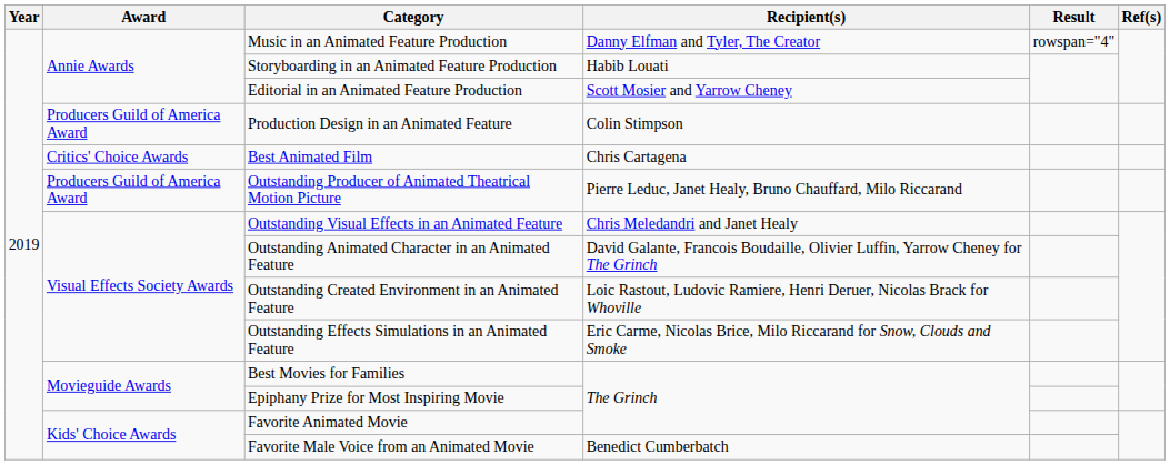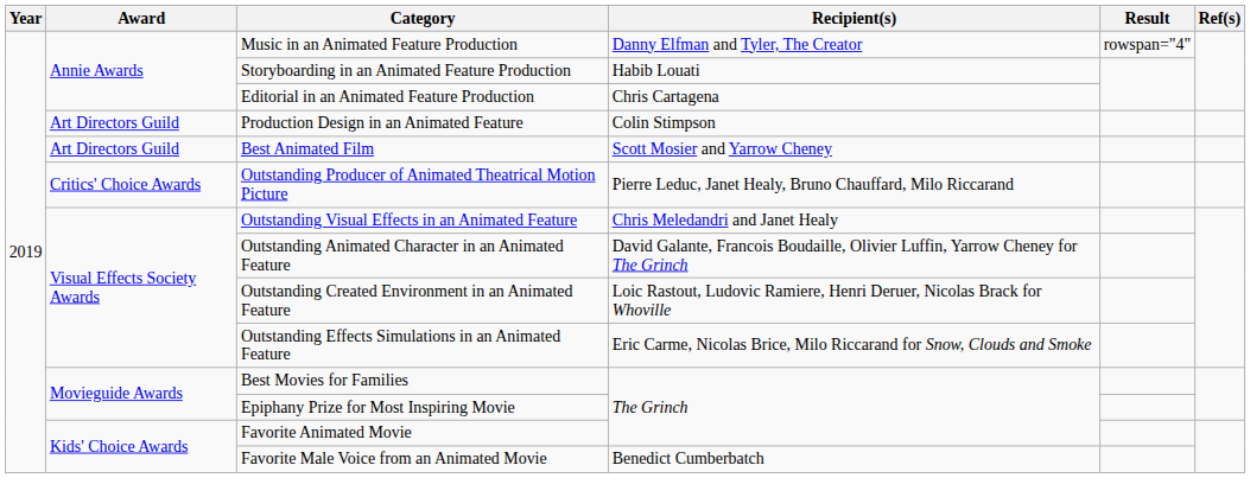 <table class="wikitable" style="width:95%;">
 <tr style="background:#ccc; text-align:center;">
 <th>Year</th>
 <th>Award</th>
 <th>Category</th>
 <th>Recipient(s)</th>
 <th>Result</th>
 <th>Ref(s)</th>
 </tr>
 <tr>
 <td rowspan="14">2019</td>
 <td rowspan="3"><a href='#'>Annie Awards</a></td>
 <td>Music in an Animated Feature Production</td>
 <td><a href='#'>Danny Elfman</a> and <a href='#'>Tyler, The Creator</a></td>
 <td>rowspan="4" </td>
 <td rowspan="3" style="text-align:center;"></td>
 </tr>
 <tr>
 <td>Storyboarding in an Animated Feature Production</td>
 <td>Habib Louati</td>
 </tr>
 <tr>
 <td>Editorial in an Animated Feature Production</td>
-<td><a href='#'>Scott Mosier</a> and <a href='#'>Yarrow Cheney</a></td>
+<td>Chris Cartagena</td>
 </tr>
 <tr>
-<td rowspan="1"><a href='#'>Producers Guild of America Award</a></td>
+<td><a href='#'>Art Directors Guild</a></td>
 <td>Production Design in an Animated Feature</td>
 <td>Colin Stimpson</td>
 <td style="text-align:center;"></td>
 </tr>
 <tr>
-<td rowspan="1"><a href='#'>Critics' Choice Awards</a></td>
+<td><a href='#'>Art Directors Guild</a></td>
 <td><a href='#'>Best Animated Film</a></td>
-<td>Chris Cartagena</td>
+<td><a href='#'>Scott Mosier</a> and <a href='#'>Yarrow Cheney</a></td>
 <td></td>
 <td style="text-align:center;"></td>
 </tr>
 <tr>
-<td rowspan="1"><a href='#'>Producers Guild of America Award</a></td>
+<td rowspan="1"><a href='#'>Critics' Choice Awards</a></td>
 <td><a href='#'>Outstanding Producer of Animated Theatrical Motion Picture</a></td>
 <td>Pierre Leduc, Janet Healy, Bruno Chauffard, Milo Riccarand</td>
 <td></td>
 <td style="text-align:center;"></td>
 </tr>
 <tr>
 <td rowspan="4"><a href='#'>Visual Effects Society Awards</a></td>
 <td><a href='#'>Outstanding Visual Effects in an Animated Feature</a></td>
 <td><a href='#'>Chris Meledandri</a> and Janet Healy</td>
 <td></td>
 <td rowspan="4" style="text-align:center;"></td>
 </tr>
 <tr>
 <td>Outstanding Animated Character in an Animated Feature</td>
 <td>David Galante, Francois Boudaille, Olivier Luffin, Yarrow Cheney for <em><a href='#'>The Grinch</a></em></td>
 <td></td>
 </tr>
 <tr>
 <td>Outstanding Created Environment in an Animated Feature</td>
 <td>Loic Rastout, Ludovic Ramiere, Henri Deruer, Nicolas Brack for <em>Whoville</em></td>
 <td></td>
 </tr>
 <tr>
 <td>Outstanding Effects Simulations in an Animated Feature</td>
 <td>Eric Carme, Nicolas Brice, Milo Riccarand for <em>Snow, Clouds and Smoke</em></td>
 <td></td>
 </tr>
 <tr>
 <td rowspan="2"><a href='#'>Movieguide Awards</a></td>
 <td>Best Movies for Families</td>
 <td rowspan="3"><em>The Grinch</em></td>
 <td></td>
 <td rowspan="2" style="text-align:center;"></td>
 </tr>
 <tr>
 <td>Epiphany Prize for Most Inspiring Movie</td>
 <td></td>
 </tr>
 <tr>
 <td rowspan=2><a href='#'>Kids' Choice Awards</a></td>
 <td>Favorite Animated Movie</td>
 <td></td>
 <td rowspan="2" style="text-align:center;"></td>
 </tr>
 <tr>
 <td>Favorite Male Voice from an Animated Movie</td>
 <td>Benedict Cumberbatch</td>
 <td></td>
 </tr>
 </table>
